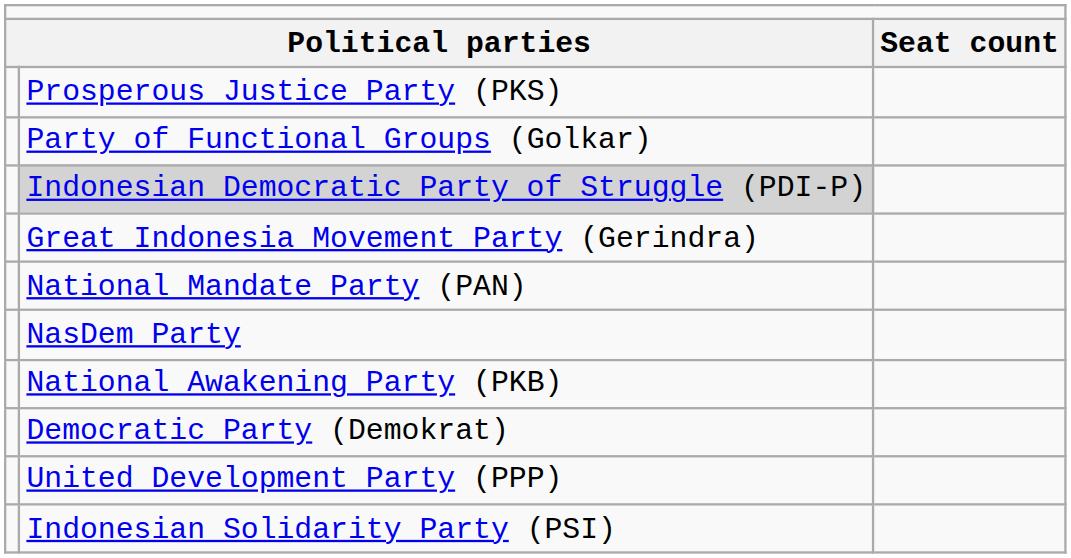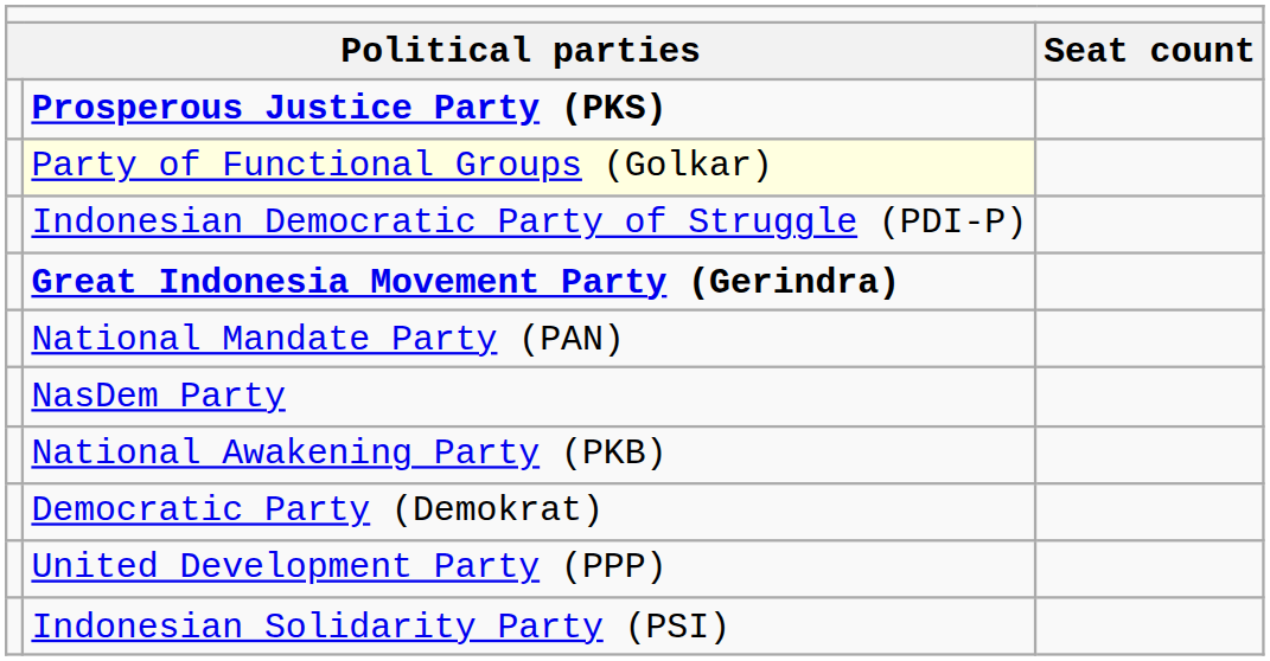 <table class="wikitable">
 <tr>
 <td colspan="4"></td>
 </tr>
 <tr>
 <th colspan="2">Political parties</th>
 <th>Seat count</th>
 </tr>
 <tr>
 <td bgcolor=></td>
-<td><a href='#'>Prosperous Justice Party</a> (PKS)</td>
+<td><strong><a href='#'>Prosperous Justice Party</a> (PKS)</strong></td>
 <td></td>
 </tr>
 <tr>
 <td bgcolor=></td>
-<td><a href='#'>Party of Functional Groups</a> (Golkar)</td>
+<td style="background: lightyellow;"><a href='#'>Party of Functional Groups</a> (Golkar)</td>
 <td></td>
 </tr>
 <tr>
 <td bgcolor=></td>
-<td style="background: lightgrey;"><a href='#'>Indonesian Democratic Party of Struggle</a> (PDI-P)</td>
+<td><a href='#'>Indonesian Democratic Party of Struggle</a> (PDI-P)</td>
 <td></td>
 </tr>
 <tr>
 <td bgcolor=></td>
-<td><a href='#'>Great Indonesia Movement Party</a> (Gerindra)</td>
+<td><strong><a href='#'>Great Indonesia Movement Party</a> (Gerindra)</strong></td>
 <td></td>
 </tr>
 <tr>
 <td bgcolor=></td>
 <td><a href='#'>National Mandate Party</a> (PAN)</td>
 <td></td>
 </tr>
 <tr>
 <td bgcolor=></td>
 <td><a href='#'>NasDem Party</a></td>
 <td></td>
 </tr>
 <tr>
 <td bgcolor=></td>
 <td><a href='#'>National Awakening Party</a> (PKB)</td>
 <td></td>
 </tr>
 <tr>
 <td bgcolor=></td>
 <td><a href='#'>Democratic Party</a> (Demokrat)</td>
 <td></td>
 </tr>
 <tr>
 <td bgcolor=></td>
 <td><a href='#'>United Development Party</a> (PPP)</td>
 <td></td>
 </tr>
 <tr>
 <td bgcolor=></td>
 <td><a href='#'>Indonesian Solidarity Party</a> (PSI)</td>
 <td></td>
 </tr>
 </table>
